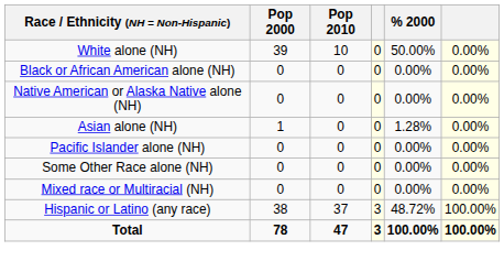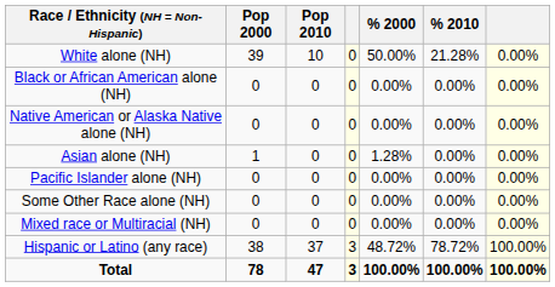 <table class="wikitable" style="text-align:center;">
 <tr>
 <th>Race / Ethnicity <small>(<em>NH = Non-Hispanic</em>)</small></th>
 <th>Pop 2000</th>
 <th>Pop 2010</th>
 <th></th>
 <th>% 2000</th>
+<th>% 2010</th>
 <th></th>
 </tr>
 <tr>
 <td><a href='#'>White</a> alone (NH)</td>
 <td>39</td>
 <td>10</td>
 <td style='background: #ffffe6;'>0</td>
 <td>50.00%</td>
+<td>21.28%</td>
 <td style='background: #ffffe6;'>0.00%</td>
 </tr>
 <tr>
 <td><a href='#'>Black or African American</a> alone (NH)</td>
 <td>0</td>
 <td>0</td>
 <td style='background: #ffffe6;'>0</td>
+<td>0.00%</td>
 <td>0.00%</td>
 <td style='background: #ffffe6;'>0.00%</td>
 </tr>
 <tr>
 <td><a href='#'>Native American</a> or <a href='#'>Alaska Native</a> alone (NH)</td>
 <td>0</td>
 <td>0</td>
 <td style='background: #ffffe6;'>0</td>
 <td>0.00%</td>
+<td>0.00%</td>
 <td style='background: #ffffe6;'>0.00%</td>
 </tr>
 <tr>
 <td><a href='#'>Asian</a> alone (NH)</td>
 <td>1</td>
 <td>0</td>
 <td style='background: #ffffe6;'>0</td>
 <td>1.28%</td>
+<td>0.00%</td>
 <td style='background: #ffffe6;'>0.00%</td>
 </tr>
 <tr>
 <td><a href='#'>Pacific Islander</a> alone (NH)</td>
 <td>0</td>
 <td>0</td>
 <td style='background: #ffffe6;'>0</td>
+<td>0.00%</td>
 <td>0.00%</td>
 <td style='background: #ffffe6;'>0.00%</td>
 </tr>
 <tr>
 <td>Some Other Race alone (NH)</td>
 <td>0</td>
 <td>0</td>
 <td style='background: #ffffe6;'>0</td>
 <td>0.00%</td>
+<td>0.00%</td>
 <td style='background: #ffffe6;'>0.00%</td>
 </tr>
 <tr>
 <td><a href='#'>Mixed race or Multiracial</a> (NH)</td>
 <td>0</td>
 <td>0</td>
 <td style='background: #ffffe6;'>0</td>
+<td>0.00%</td>
 <td>0.00%</td>
 <td style='background: #ffffe6;'>0.00%</td>
 </tr>
 <tr>
 <td><a href='#'>Hispanic or Latino</a> (any race)</td>
 <td>38</td>
 <td>37</td>
 <td style='background: #ffffe6;'>3</td>
 <td>48.72%</td>
+<td>78.72%</td>
 <td style='background: #ffffe6;'>100.00%</td>
 </tr>
 <tr>
 <td><strong>Total</strong></td>
 <td><strong>78</strong></td>
 <td><strong>47</strong></td>
 <td style='background: #ffffe6;'><strong>3</strong></td>
 <td><strong>100.00%</strong></td>
+<td><strong>100.00%</strong></td>
 <td style='background: #ffffe6;'><strong>100.00%</strong></td>
 </tr>
 </table>
